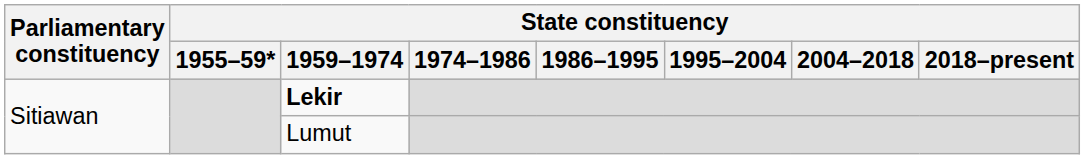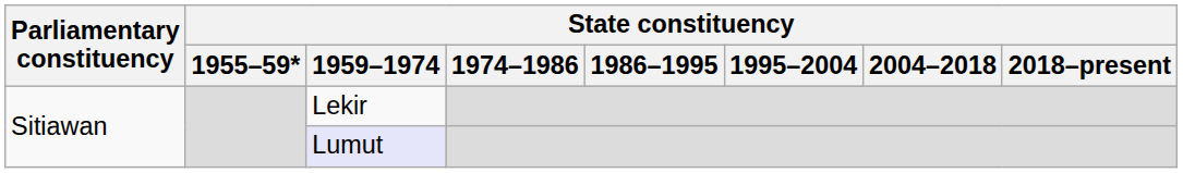 <table class="wikitable">
 <tr>
 <th rowspan="2">Parliamentary<br>constituency</th>
 <th colspan="7">State constituency</th>
 </tr>
 <tr>
 <th>1955–59*</th>
 <th>1959–1974</th>
 <th>1974–1986</th>
 <th>1986–1995</th>
 <th>1995–2004</th>
 <th>2004–2018</th>
 <th>2018–present</th>
 </tr>
 <tr>
 <td rowspan="2">Sitiawan</td>
 <td rowspan="2" bgcolor="dcdcdc"></td>
-<td><strong>Lekir</strong></td>
+<td>Lekir</td>
 <td colspan="5" bgcolor="dcdcdc"></td>
 </tr>
 <tr>
-<td>Lumut</td>
+<td style="background: lavender;">Lumut</td>
 <td colspan="5" bgcolor="dcdcdc"></td>
 </tr>
 </table>
